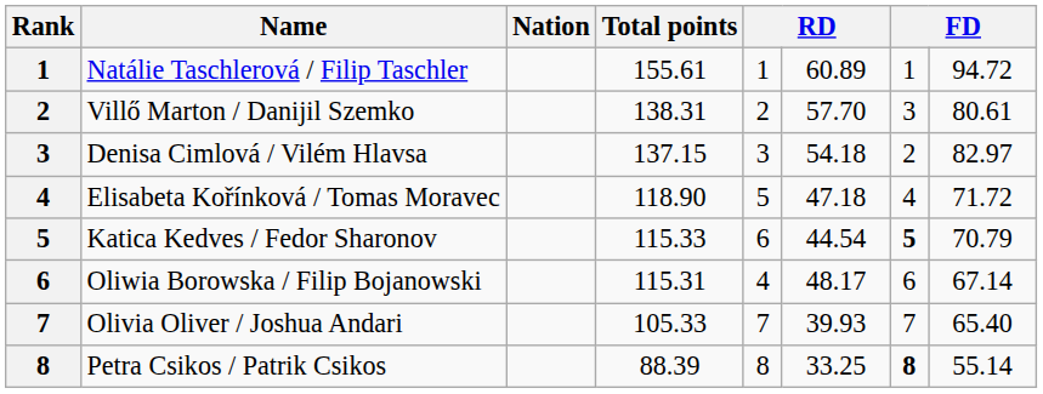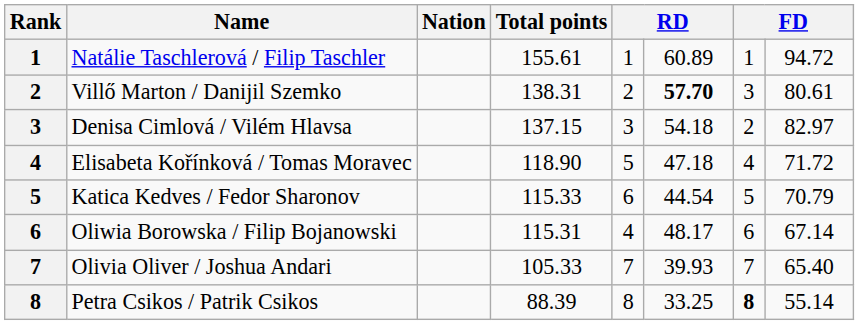 <table class="wikitable sortable">
 <tr>
 <th>Rank</th>
 <th>Name</th>
 <th>Nation</th>
 <th>Total points</th>
 <th colspan="2" width="80px"><a href='#'>RD</a></th>
 <th colspan="2" width="80px"><a href='#'>FD</a></th>
 </tr>
 <tr>
 <th>1</th>
 <td><a href='#'>Natálie Taschlerová</a> / <a href='#'>Filip Taschler</a></td>
 <td></td>
 <td align="center">155.61</td>
 <td align="center">1</td>
 <td align="center">60.89</td>
 <td align="center">1</td>
 <td align="center">94.72</td>
 </tr>
 <tr>
 <th>2</th>
 <td>Villő Marton / Danijil Szemko</td>
 <td></td>
 <td align="center">138.31</td>
 <td align="center">2</td>
-<td align="center">57.70</td>
+<td align="center"><strong>57.70</strong></td>
 <td align="center">3</td>
 <td align="center">80.61</td>
 </tr>
 <tr>
 <th>3</th>
 <td>Denisa Cimlová / Vilém Hlavsa</td>
 <td></td>
 <td align="center">137.15</td>
 <td align="center">3</td>
 <td align="center">54.18</td>
 <td align="center">2</td>
 <td align="center">82.97</td>
 </tr>
 <tr>
 <th>4</th>
 <td>Elisabeta Kořínková / Tomas Moravec</td>
 <td></td>
 <td align="center">118.90</td>
 <td align="center">5</td>
 <td align="center">47.18</td>
 <td align="center">4</td>
 <td align="center">71.72</td>
 </tr>
 <tr>
 <th>5</th>
 <td>Katica Kedves / Fedor Sharonov</td>
 <td></td>
 <td align="center">115.33</td>
 <td align="center">6</td>
 <td align="center">44.54</td>
-<td align="center"><strong>5</strong></td>
+<td align="center">5</td>
 <td align="center">70.79</td>
 </tr>
 <tr>
 <th>6</th>
 <td>Oliwia Borowska / Filip Bojanowski</td>
 <td></td>
 <td align="center">115.31</td>
 <td align="center">4</td>
 <td align="center">48.17</td>
 <td align="center">6</td>
 <td align="center">67.14</td>
 </tr>
 <tr>
 <th>7</th>
 <td>Olivia Oliver / Joshua Andari</td>
 <td></td>
 <td align="center">105.33</td>
 <td align="center">7</td>
 <td align="center">39.93</td>
 <td align="center">7</td>
 <td align="center">65.40</td>
 </tr>
 <tr>
 <th>8</th>
 <td>Petra Csikos / Patrik Csikos</td>
 <td></td>
 <td align="center">88.39</td>
 <td align="center">8</td>
 <td align="center">33.25</td>
 <td align="center"><strong>8</strong></td>
 <td align="center">55.14</td>
 </tr>
 </table>
